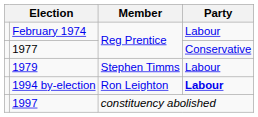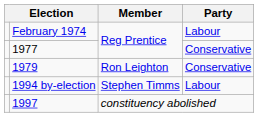 <table class="wikitable">
 <tr>
 <th colspan="2">Election</th>
 <th>Member</th>
 <th>Party</th>
 </tr>
 <tr>
 <td style="color:inherit;background-color: "></td>
 <td><a href='#'>February 1974</a></td>
 <td rowspan="2"><a href='#'>Reg Prentice</a></td>
 <td><a href='#'>Labour</a></td>
 </tr>
 <tr>
 <td style="color:inherit;background-color: "></td>
 <td>1977</td>
 <td><a href='#'>Conservative</a></td>
 </tr>
 <tr>
 <td style="color:inherit;background-color: "></td>
 <td><a href='#'>1979</a></td>
-<td><a href='#'>Stephen Timms</a></td>
-<td><a href='#'>Labour</a></td>
+<td><a href='#'>Ron Leighton</a></td>
+<td><a href='#'>Conservative</a></td>
 </tr>
 <tr>
 <td style="color:inherit;background-color: "></td>
 <td><a href='#'>1994 by-election</a></td>
-<td><a href='#'>Ron Leighton</a></td>
-<td><strong><a href='#'>Labour</a></strong></td>
+<td><a href='#'>Stephen Timms</a></td>
+<td><a href='#'>Labour</a></td>
 </tr>
 <tr>
 <td></td>
 <td><a href='#'>1997</a></td>
 <td colspan="2"><em>constituency abolished</em></td>
 </tr>
 </table>
